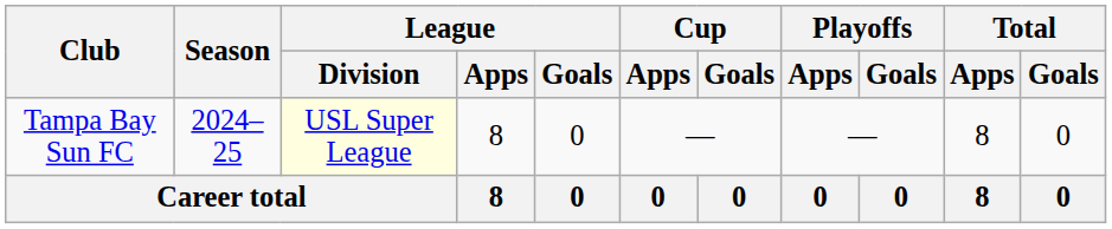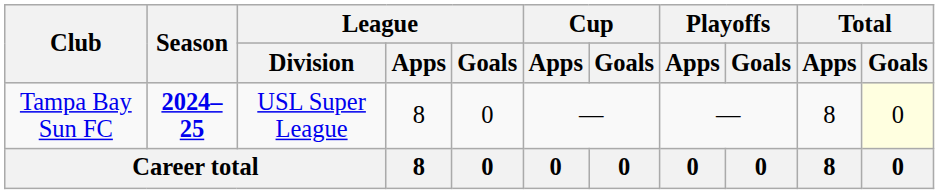 <table class="wikitable" style="text-align: center;">
 <tr>
 <th rowspan="2">Club</th>
 <th rowspan="2">Season</th>
 <th colspan="3">League</th>
 <th colspan="2">Cup</th>
 <th colspan="2">Playoffs</th>
 <th colspan="2">Total</th>
 </tr>
 <tr>
 <th>Division</th>
 <th>Apps</th>
 <th>Goals</th>
 <th>Apps</th>
 <th>Goals</th>
 <th>Apps</th>
 <th>Goals</th>
 <th>Apps</th>
 <th>Goals</th>
 </tr>
 <tr>
 <td><a href='#'>Tampa Bay Sun FC</a></td>
-<td><a href='#'>2024–25</a></td>
-<td style="background: lightyellow;"><a href='#'>USL Super League</a></td>
+<td><strong><a href='#'>2024–25</a></strong></td>
+<td><a href='#'>USL Super League</a></td>
 <td>8</td>
 <td>0</td>
 <td colspan="2">—</td>
 <td colspan="2">—</td>
 <td>8</td>
-<td>0</td>
+<td style="background: lightyellow;">0</td>
 </tr>
 <tr>
 <th colspan="3">Career total</th>
 <th>8</th>
 <th>0</th>
 <th>0</th>
 <th>0</th>
 <th>0</th>
 <th>0</th>
 <th>8</th>
 <th>0</th>
 </tr>
 </table>
